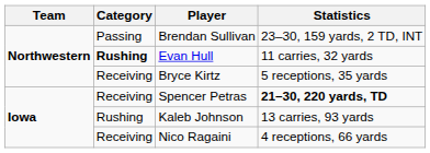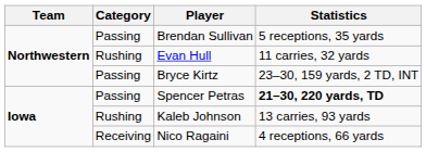 <table class="wikitable" style="float: left;">
 <tr>
 <th>Team</th>
 <th>Category</th>
 <th>Player</th>
 <th>Statistics</th>
 </tr>
 <tr>
 <td rowspan=3><strong>Northwestern</strong></td>
 <td>Passing</td>
 <td>Brendan Sullivan</td>
-<td>23–30, 159 yards, 2 TD, INT</td>
+<td>5 receptions, 35 yards</td>
 </tr>
 <tr>
-<td><strong>Rushing</strong></td>
+<td>Rushing</td>
 <td><a href='#'>Evan Hull</a></td>
 <td>11 carries, 32 yards</td>
 </tr>
 <tr>
-<td>Receiving</td>
+<td>Passing</td>
 <td>Bryce Kirtz</td>
-<td>5 receptions, 35 yards</td>
+<td>23–30, 159 yards, 2 TD, INT</td>
 </tr>
 <tr>
 <td rowspan=3><strong>Iowa</strong></td>
-<td>Receiving</td>
+<td>Passing</td>
 <td>Spencer Petras</td>
 <td><strong>21–30, 220 yards, TD</strong></td>
 </tr>
 <tr>
 <td>Rushing</td>
 <td>Kaleb Johnson</td>
 <td>13 carries, 93 yards</td>
 </tr>
 <tr>
 <td>Receiving</td>
 <td>Nico Ragaini</td>
 <td>4 receptions, 66 yards</td>
 </tr>
 </table>
